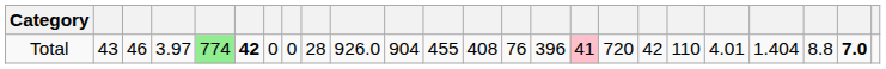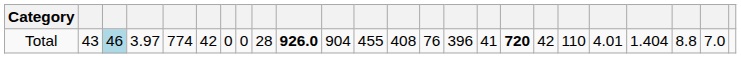 <table class="wikitable"  style="font-size: 95%; text-align:center;">
 <tr>
 <th>Category</th>
 <th></th>
 <th></th>
 <th></th>
 <th></th>
 <th></th>
 <th></th>
 <th></th>
 <th></th>
 <th></th>
 <th></th>
 <th></th>
 <th></th>
 <th></th>
 <th></th>
 <th></th>
 <th></th>
 <th></th>
 <th></th>
 <th></th>
 <th></th>
 <th></th>
 <th></th>
 <th></th>
 </tr>
 <tr>
 <td>Total</td>
 <td>43</td>
-<td>46</td>
+<td style="background: lightblue;">46</td>
 <td>3.97</td>
-<td style="background: lightgreen;">774</td>
-<td><strong>42</strong></td>
+<td>774</td>
+<td>42</td>
 <td>0</td>
 <td>0</td>
 <td>28</td>
-<td>926.0</td>
+<td><strong>926.0</strong></td>
 <td>904</td>
 <td>455</td>
 <td>408</td>
 <td>76</td>
 <td>396</td>
-<td style="background: pink;">41</td>
-<td>720</td>
+<td>41</td>
+<td><strong>720</strong></td>
 <td>42</td>
 <td>110</td>
 <td>4.01</td>
 <td>1.404</td>
 <td>8.8</td>
-<td><strong>7.0</strong></td>
+<td>7.0</td>
 <td></td>
 </tr>
 </table>
